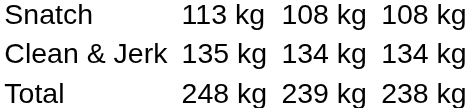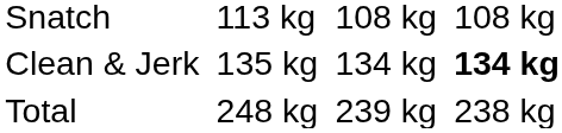 <table>
 <tr>
 <td>Snatch</td>
 <td></td>
 <td>113 kg</td>
 <td></td>
 <td>108 kg</td>
 <td></td>
 <td>108 kg</td>
 </tr>
 <tr>
 <td>Clean & Jerk</td>
 <td></td>
 <td>135 kg</td>
 <td></td>
 <td>134 kg</td>
 <td></td>
-<td>134 kg</td>
+<td><strong>134 kg</strong></td>
 </tr>
 <tr>
 <td>Total</td>
 <td></td>
 <td>248 kg</td>
 <td></td>
 <td>239 kg</td>
 <td></td>
 <td>238 kg</td>
 </tr>
 </table>
